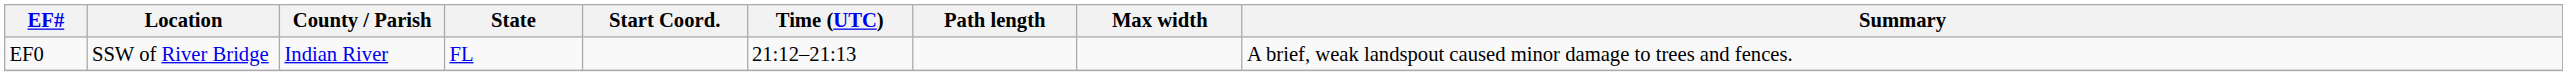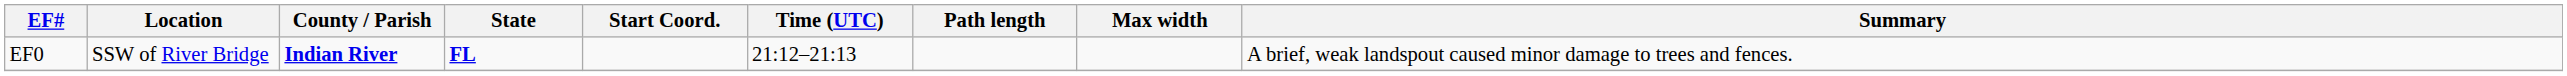 <table class="wikitable sortable" style="width:100%;">
 <tr>
 <th scope="col"  style="width:3%; text-align:center;"><a href='#'>EF#</a></th>
 <th scope="col"  style="width:7%; text-align:center;" class="unsortable">Location</th>
 <th scope="col"  style="width:6%; text-align:center;" class="unsortable">County / Parish</th>
 <th scope="col"  style="width:5%; text-align:center;">State</th>
 <th scope="col"  style="width:6%; text-align:center;">Start Coord.</th>
 <th scope="col"  style="width:6%; text-align:center;">Time (<a href='#'>UTC</a>)</th>
 <th scope="col"  style="width:6%; text-align:center;">Path length</th>
 <th scope="col"  style="width:6%; text-align:center;">Max width</th>
 <th scope="col" class="unsortable" style="width:48%; text-align:center;">Summary</th>
 </tr>
 <tr>
 <td>EF0</td>
 <td>SSW of <a href='#'>River Bridge</a></td>
-<td><a href='#'>Indian River</a></td>
-<td><a href='#'>FL</a></td>
+<td><strong><a href='#'>Indian River</a></strong></td>
+<td><strong><a href='#'>FL</a></strong></td>
 <td></td>
 <td>21:12–21:13</td>
 <td></td>
 <td></td>
 <td>A brief, weak landspout caused minor damage to trees and fences.</td>
 </tr>
 <tr>
 </tr>
 </table>
